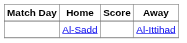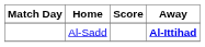 <table class="toccolours" border="1" cellpadding="4" cellspacing="0" style="border-collapse: collapse; margin:0;">
 <tr>
 <th>Match Day</th>
 <th>Home</th>
 <th>Score</th>
 <th>Away</th>
 </tr>
 <tr>
 </tr>
 <tr style=>
 <td></td>
 <td><a href='#'>Al-Sadd</a> </td>
 <td></td>
-<td> <a href='#'>Al-Ittihad</a></td>
+<td><strong> <a href='#'>Al-Ittihad</a></strong></td>
 </tr>
 <tr>
 </tr>
 </table>
